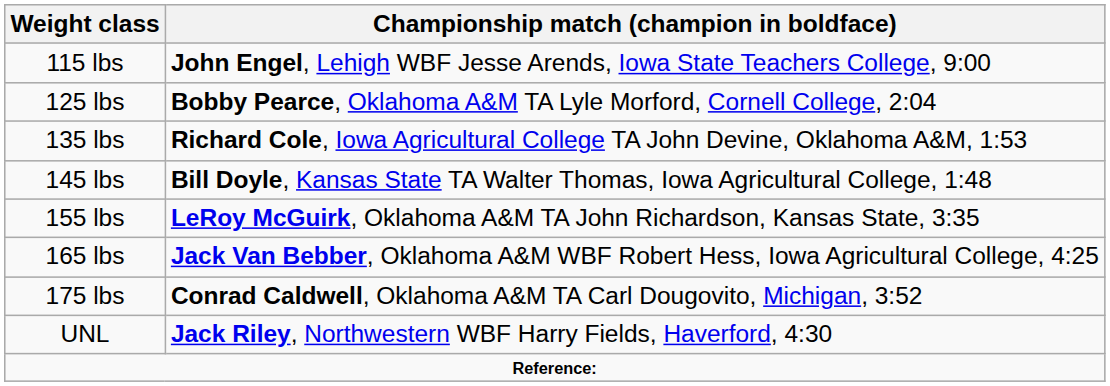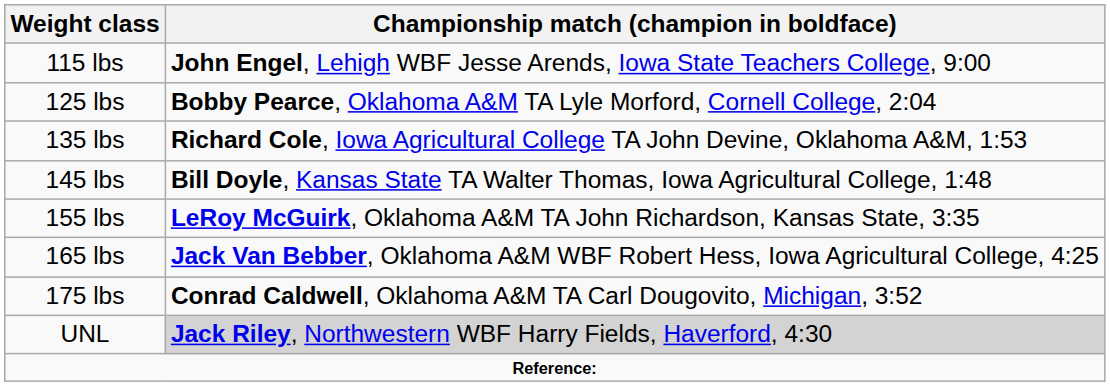 <table class="wikitable" style="text-align:center">
 <tr>
 <th>Weight class</th>
 <th>Championship match (champion in boldface)</th>
 </tr>
 <tr>
 <td>115 lbs</td>
 <td align=left><strong>John Engel</strong>, <a href='#'>Lehigh</a> WBF Jesse Arends, <a href='#'>Iowa State Teachers College</a>, 9:00</td>
 </tr>
 <tr>
 <td>125 lbs</td>
 <td align=left><strong>Bobby Pearce</strong>, <a href='#'>Oklahoma A&M</a> TA Lyle Morford, <a href='#'>Cornell College</a>, 2:04</td>
 </tr>
 <tr>
 <td>135 lbs</td>
 <td align=left><strong>Richard Cole</strong>, <a href='#'>Iowa Agricultural College</a> TA John Devine, Oklahoma A&M, 1:53</td>
 </tr>
 <tr>
 <td>145 lbs</td>
 <td align=left><strong>Bill Doyle</strong>, <a href='#'>Kansas State</a> TA Walter Thomas, Iowa Agricultural College, 1:48</td>
 </tr>
 <tr>
 <td>155 lbs</td>
 <td align=left><strong><a href='#'>LeRoy McGuirk</a></strong>, Oklahoma A&M TA John Richardson, Kansas State, 3:35</td>
 </tr>
 <tr>
 <td>165 lbs</td>
 <td align=left><a href='#'><strong>Jack Van Bebber</strong></a>, Oklahoma A&M WBF Robert Hess, Iowa Agricultural College, 4:25</td>
 </tr>
 <tr>
 <td>175 lbs</td>
 <td align=left><strong>Conrad Caldwell</strong>, Oklahoma A&M TA Carl Dougovito, <a href='#'>Michigan</a>, 3:52</td>
 </tr>
 <tr>
 <td>UNL</td>
-<td align=left><strong><a href='#'>Jack Riley</a></strong>, <a href='#'>Northwestern</a> WBF Harry Fields, <a href='#'>Haverford</a>, 4:30</td>
+<td align=left style="background: lightgrey;"><strong><a href='#'>Jack Riley</a></strong>, <a href='#'>Northwestern</a> WBF Harry Fields, <a href='#'>Haverford</a>, 4:30</td>
 </tr>
 <tr>
 <td colspan="2"  style="font-size:8pt; text-align:center;"><strong>Reference:</strong></td>
 </tr>
 </table>
